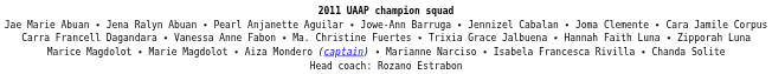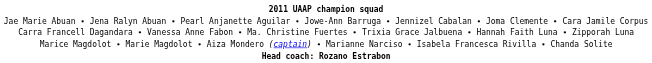 <table class=toccolours style=margin:0.2em width=100%>
 <tr>
 <th style=>2011 UAAP champion squad</th>
 </tr>
 <tr align=center>
 <td>Jae Marie Abuan ∙ Jena Ralyn Abuan ∙ Pearl Anjanette Aguilar ∙ Jowe-Ann Barruga ∙ Jennizel Cabalan ∙ Joma Clemente ∙ Cara Jamile Corpus</td>
 </tr>
 <tr align=center>
 <td>Carra Francell Dagandara ∙ Vanessa Anne Fabon ∙ Ma. Christine Fuertes ∙ Trixia Grace Jalbuena ∙ Hannah Faith Luna ∙ Zipporah Luna</td>
 </tr>
 <tr align=center>
 <td>Marice Magdolot ∙ Marie Magdolot ∙ Aiza Mondero <em>(<a href='#'>captain</a>)</em> ∙ Marianne Narciso ∙ Isabela Francesca Rivilla ∙ Chanda Solite</td>
 </tr>
 <tr align=center>
-<td>Head coach: Rozano Estrabon</td>
+<td><strong>Head coach: Rozano Estrabon</strong></td>
 </tr>
 </table>
